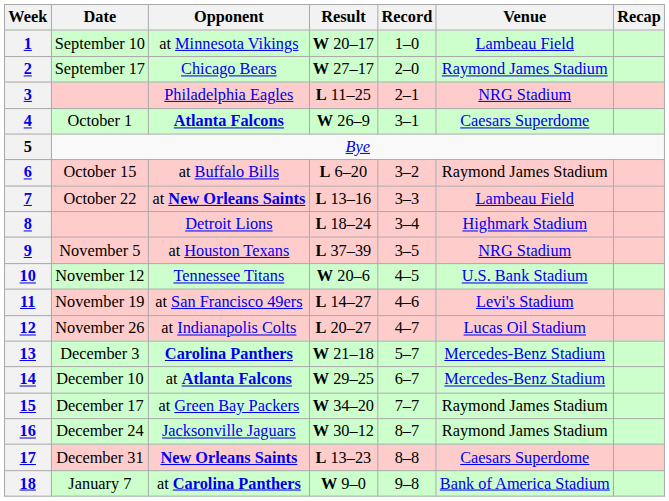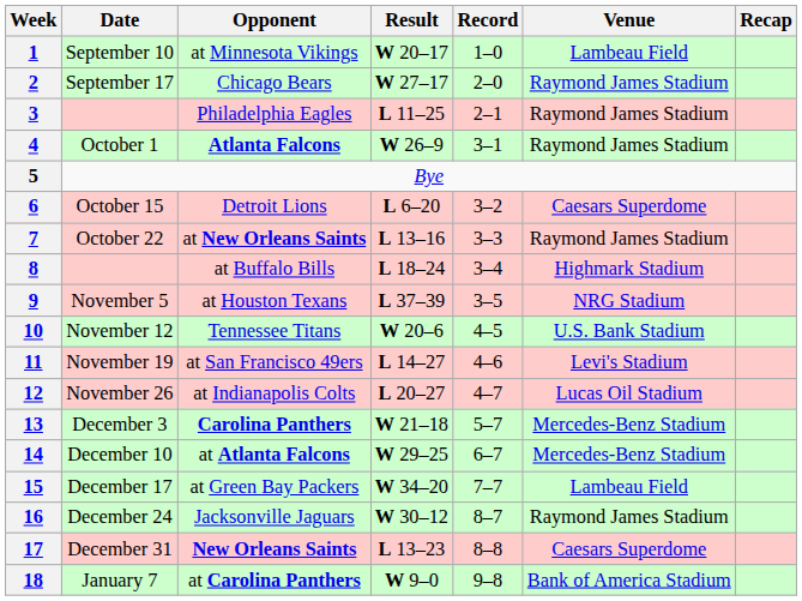 <table class="wikitable" style="text-align:center">
 <tr>
 <th>Week</th>
 <th>Date</th>
 <th>Opponent</th>
 <th>Result</th>
 <th>Record</th>
 <th>Venue</th>
 <th>Recap</th>
 </tr>
 <tr style="background:#cfc">
 <th><a href='#'>1</a></th>
 <td>September 10</td>
 <td>at <a href='#'>Minnesota Vikings</a></td>
 <td><strong>W</strong> 20–17</td>
 <td>1–0</td>
 <td><a href='#'>Lambeau Field</a></td>
 <td></td>
 </tr>
 <tr style="background:#cfc">
 <th><a href='#'>2</a></th>
 <td>September 17</td>
 <td><a href='#'>Chicago Bears</a></td>
 <td><strong>W</strong> 27–17</td>
 <td>2–0</td>
 <td><a href='#'>Raymond James Stadium</a></td>
 <td></td>
 </tr>
 <tr style="background:#fcc">
 <th><a href='#'>3</a></th>
 <td></td>
 <td><a href='#'>Philadelphia Eagles</a></td>
 <td><strong>L</strong> 11–25</td>
 <td>2–1</td>
-<td><a href='#'>NRG Stadium</a></td>
+<td>Raymond James Stadium</td>
 <td></td>
 </tr>
 <tr style="background:#cfc">
 <th><a href='#'>4</a></th>
 <td>October 1</td>
 <td><strong><a href='#'>Atlanta Falcons</a></strong></td>
 <td><strong>W</strong> 26–9</td>
 <td>3–1</td>
-<td><a href='#'>Caesars Superdome</a></td>
+<td>Raymond James Stadium</td>
 <td></td>
 </tr>
 <tr>
 <th>5</th>
 <td colspan="6"><em><a href='#'>Bye</a></em></td>
 </tr>
 <tr style="background:#fcc">
 <th><a href='#'>6</a></th>
 <td>October 15</td>
-<td>at <a href='#'>Buffalo Bills</a></td>
+<td><a href='#'>Detroit Lions</a></td>
 <td><strong>L</strong> 6–20</td>
 <td>3–2</td>
-<td>Raymond James Stadium</td>
+<td><a href='#'>Caesars Superdome</a></td>
 <td></td>
 </tr>
 <tr style="background:#fcc">
 <th><a href='#'>7</a></th>
 <td>October 22</td>
 <td>at <strong><a href='#'>New Orleans Saints</a></strong></td>
 <td><strong>L</strong> 13–16</td>
 <td>3–3</td>
-<td><a href='#'>Lambeau Field</a></td>
+<td>Raymond James Stadium</td>
 <td></td>
 </tr>
 <tr style="background:#fcc">
 <th><a href='#'>8</a></th>
 <td></td>
-<td><a href='#'>Detroit Lions</a></td>
+<td>at <a href='#'>Buffalo Bills</a></td>
 <td><strong>L</strong> 18–24</td>
 <td>3–4</td>
 <td><a href='#'>Highmark Stadium</a></td>
 <td></td>
 </tr>
 <tr style="background:#fcc">
 <th><a href='#'>9</a></th>
 <td>November 5</td>
 <td>at <a href='#'>Houston Texans</a></td>
 <td><strong>L</strong> 37–39</td>
 <td>3–5</td>
 <td><a href='#'>NRG Stadium</a></td>
 <td></td>
 </tr>
 <tr style="background:#cfc">
 <th><a href='#'>10</a></th>
 <td>November 12</td>
 <td><a href='#'>Tennessee Titans</a></td>
 <td><strong>W</strong> 20–6</td>
 <td>4–5</td>
 <td><a href='#'>U.S. Bank Stadium</a></td>
 <td></td>
 </tr>
 <tr style="background:#fcc">
 <th><a href='#'>11</a></th>
 <td>November 19</td>
 <td>at <a href='#'>San Francisco 49ers</a></td>
 <td><strong>L</strong> 14–27</td>
 <td>4–6</td>
 <td><a href='#'>Levi's Stadium</a></td>
 <td></td>
 </tr>
 <tr style="background:#fcc">
 <th><a href='#'>12</a></th>
 <td>November 26</td>
 <td>at <a href='#'>Indianapolis Colts</a></td>
 <td><strong>L</strong> 20–27</td>
 <td>4–7</td>
 <td><a href='#'>Lucas Oil Stadium</a></td>
 <td></td>
 </tr>
 <tr style="background:#cfc">
 <th><a href='#'>13</a></th>
 <td>December 3</td>
 <td><strong><a href='#'>Carolina Panthers</a></strong></td>
 <td><strong>W</strong> 21–18</td>
 <td>5–7</td>
 <td><a href='#'>Mercedes-Benz Stadium</a></td>
 <td></td>
 </tr>
 <tr style="background:#cfc">
 <th><a href='#'>14</a></th>
 <td>December 10</td>
 <td>at <strong><a href='#'>Atlanta Falcons</a></strong></td>
 <td><strong>W</strong> 29–25</td>
 <td>6–7</td>
 <td><a href='#'>Mercedes-Benz Stadium</a></td>
 <td></td>
 </tr>
 <tr style="background:#cfc">
 <th><a href='#'>15</a></th>
 <td>December 17</td>
 <td>at <a href='#'>Green Bay Packers</a></td>
 <td><strong>W</strong> 34–20</td>
 <td>7–7</td>
-<td>Raymond James Stadium</td>
+<td><a href='#'>Lambeau Field</a></td>
 <td></td>
 </tr>
 <tr style="background:#cfc">
 <th><a href='#'>16</a></th>
 <td>December 24</td>
 <td><a href='#'>Jacksonville Jaguars</a></td>
 <td><strong>W</strong> 30–12</td>
 <td>8–7</td>
 <td>Raymond James Stadium</td>
 <td></td>
 </tr>
 <tr style="background:#fcc">
 <th><a href='#'>17</a></th>
 <td>December 31</td>
 <td><strong><a href='#'>New Orleans Saints</a></strong></td>
 <td><strong>L</strong> 13–23</td>
 <td>8–8</td>
 <td><a href='#'>Caesars Superdome</a></td>
 <td></td>
 </tr>
 <tr style="background:#cfc">
 <th><a href='#'>18</a></th>
 <td>January 7</td>
 <td>at <strong><a href='#'>Carolina Panthers</a></strong></td>
 <td><strong>W</strong> 9–0</td>
 <td>9–8</td>
 <td><a href='#'>Bank of America Stadium</a></td>
 <td></td>
 </tr>
 </table>
